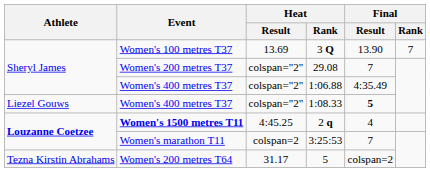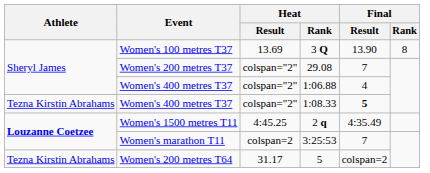 <table class="wikitable" style="font-size:90%">
 <tr>
 <th rowspan="2">Athlete</th>
 <th rowspan="2">Event</th>
 <th colspan="2">Heat</th>
 <th colspan="2">Final</th>
 </tr>
 <tr style="font-size:95%">
 <th>Result</th>
 <th>Rank</th>
 <th>Result</th>
 <th>Rank</th>
 </tr>
 <tr align=center>
 <td align=left rowspan=3><a href='#'>Sheryl James</a></td>
 <td align=left><a href='#'>Women's 100 metres T37</a></td>
 <td>13.69</td>
 <td>3 <strong>Q</strong></td>
 <td>13.90</td>
-<td>7</td>
+<td>8</td>
 </tr>
 <tr align=center>
 <td align=left><a href='#'>Women's 200 metres T37</a></td>
 <td>colspan="2" </td>
 <td>29.08</td>
 <td>7</td>
 </tr>
 <tr align=center>
 <td align=left><a href='#'>Women's 400 metres T37</a></td>
 <td>colspan="2" </td>
 <td>1:06.88</td>
-<td>4:35.49</td>
+<td>4</td>
 </tr>
 <tr align=center>
-<td align=left><a href='#'>Liezel Gouws</a></td>
+<td align=left><a href='#'>Tezna Kirstin Abrahams</a></td>
 <td align=left><a href='#'>Women's 400 metres T37</a></td>
 <td>colspan="2" </td>
 <td>1:08.33</td>
 <td><strong>5</strong></td>
 </tr>
 <tr align=center>
 <td align=left rowspan=2><strong><a href='#'>Louzanne Coetzee</a></strong></td>
-<td align=left><strong><a href='#'>Women's 1500 metres T11</a></strong></td>
+<td align=left><a href='#'>Women's 1500 metres T11</a></td>
 <td>4:45.25</td>
 <td>2 <strong>q</strong></td>
-<td>4</td>
+<td>4:35.49</td>
 <td></td>
 </tr>
 <tr align=center>
 <td align=left><a href='#'>Women's marathon T11</a></td>
 <td>colspan=2 </td>
 <td>3:25:53</td>
 <td>7</td>
 </tr>
 <tr align=center>
 <td align=left><a href='#'>Tezna Kirstin Abrahams</a></td>
 <td align=left><a href='#'>Women's 200 metres T64</a></td>
 <td>31.17</td>
 <td>5</td>
 <td>colspan=2 </td>
 </tr>
 </table>
